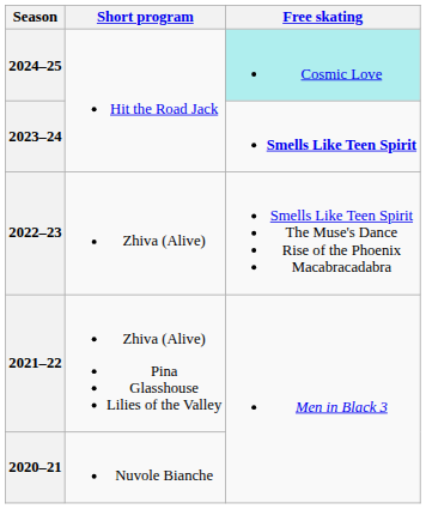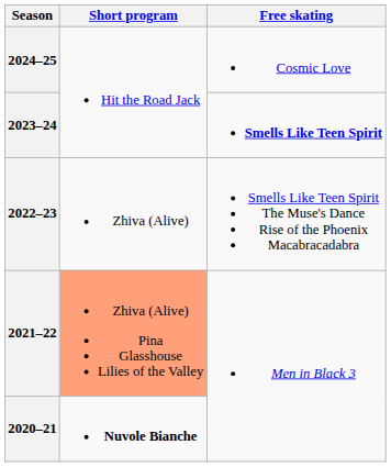 <table class="wikitable" style="text-align:center">
 <tr>
 <th>Season</th>
 <th><a href='#'>Short program</a></th>
 <th><a href='#'>Free skating</a></th>
 </tr>
 <tr>
 <th>2024–25 <br> </th>
 <td rowspan="2"><br><ul><li><a href='#'>Hit the Road Jack</a> <br> </li></ul></td>
-<td style="background: paleturquoise;"><br><ul><li><a href='#'>Cosmic Love</a> <br></li></ul></td>
+<td><br><ul><li><a href='#'>Cosmic Love</a> <br></li></ul></td>
 </tr>
 <tr>
 <th>2023–24 <br> </th>
 <td><strong><br><ul><li><a href='#'>Smells Like Teen Spirit</a> <br></li></ul></strong></td>
 </tr>
 <tr>
 <th>2022–23 <br> </th>
 <td><br><ul><li>Zhiva (Alive) <br> </li></ul></td>
 <td><br><ul><li><a href='#'>Smells Like Teen Spirit</a> <br></li><li>The Muse's Dance <br></li><li>Rise of the Phoenix <br></li><li>Macabracadabra <br></li></ul></td>
 </tr>
 <tr>
 <th>2021–22 <br> </th>
-<td><br><ul><li>Zhiva (Alive) <br> </li></ul><ul><li>Pina</li><li>Glasshouse</li><li>Lilies of the Valley <br> </li></ul></td>
+<td style="background: lightsalmon;"><br><ul><li>Zhiva (Alive) <br> </li></ul><ul><li>Pina</li><li>Glasshouse</li><li>Lilies of the Valley <br> </li></ul></td>
 <td rowspan="2"><br><ul><li><em><a href='#'>Men in Black 3</a></em> <br></li></ul></td>
 </tr>
 <tr>
 <th>2020–21 <br> </th>
-<td><br><ul><li>Nuvole Bianche <br></li></ul></td>
+<td><strong><br><ul><li>Nuvole Bianche <br></li></ul></strong></td>
 </tr>
 </table>
